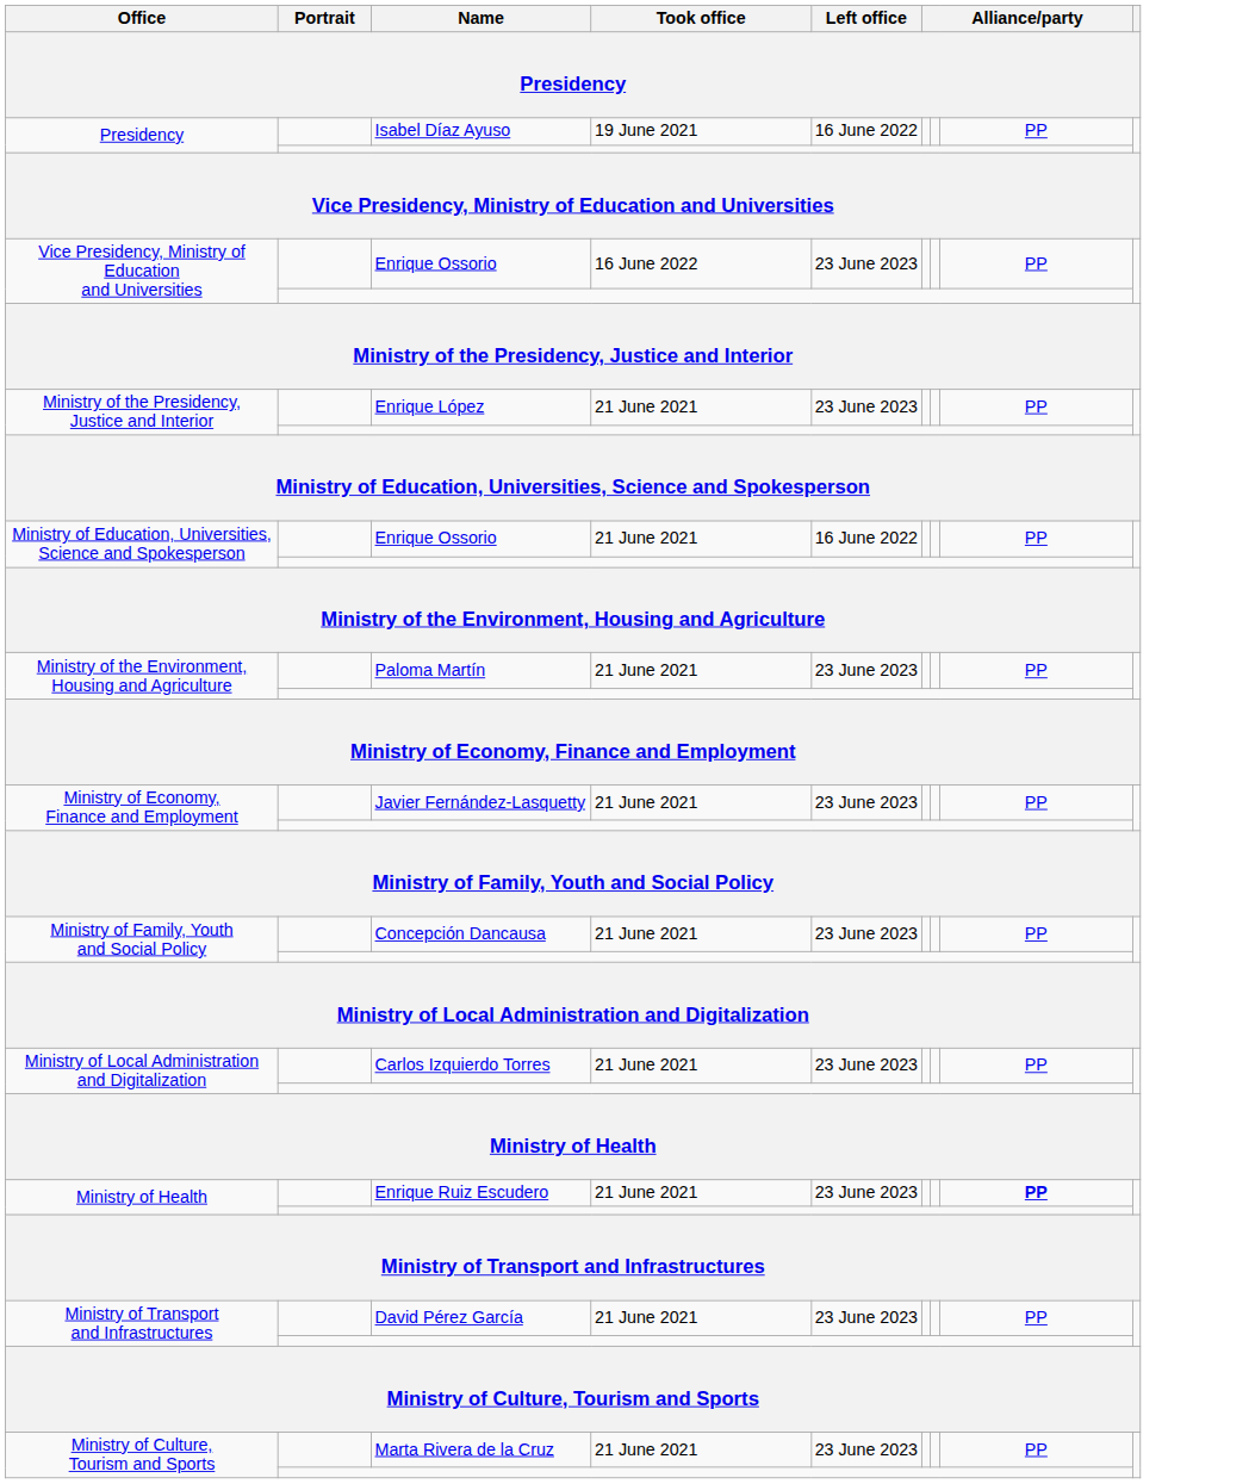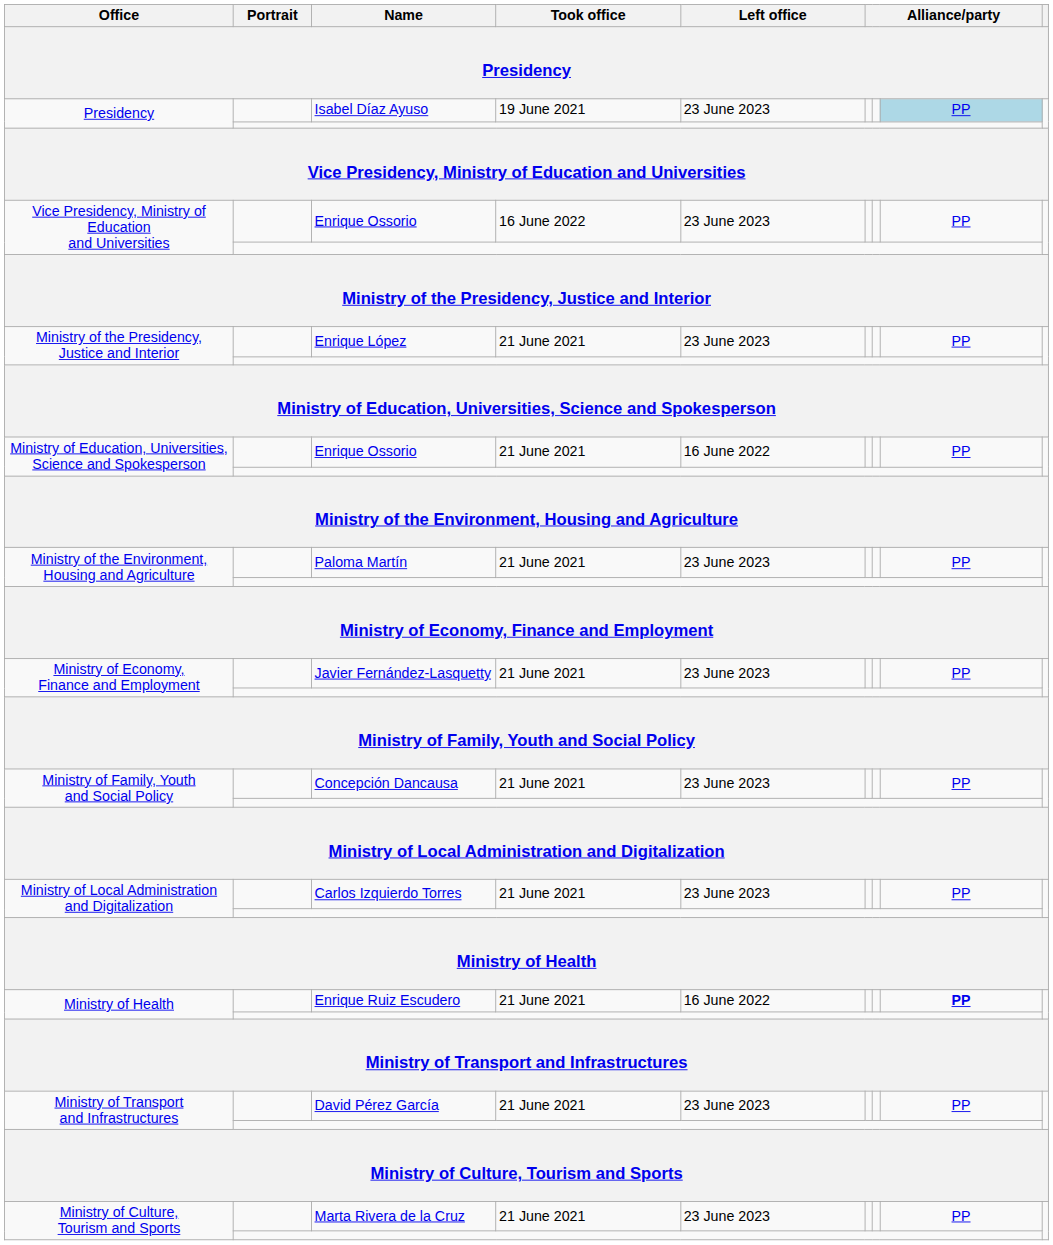 <table class="wikitable" style="line-height:18px;">
 <tr>
 <th scope="col">Office<br></th>
 <th scope="col">Portrait</th>
 <th scope="col">Name</th>
 <th scope="col">Took office</th>
 <th scope="col">Left office</th>
 <th colspan="3" scope="col">Alliance/party</th>
 <th></th>
 </tr>
 <tr>
 <th colspan="9"><br><h3><a href='#'>Presidency</a></h3></th>
 </tr>
 <tr>
 <td align="center" rowspan="2" width="250"><a href='#'>Presidency</a><br></td>
 <td width="80"></td>
 <td width="200"><a href='#'>Isabel Díaz Ayuso</a></td>
 <td width="200">19 June 2021</td>
-<td>16 June 2022</td>
+<td width="200">23 June 2023</td>
 <td width="1" style="background-color:"></td>
 <td width="1" style="background-color:"></td>
-<td width="175" align="center"><a href='#'>PP</a></td>
+<td width="175" align="center" style="background: lightblue;"><a href='#'>PP</a></td>
 <td align="center" rowspan="2"></td>
 </tr>
 <tr>
 <td colspan="7"></td>
 </tr>
 <tr>
 <th colspan="9"><br><h3><a href='#'>Vice Presidency, Ministry of Education and Universities</a></h3></th>
 </tr>
 <tr>
 <td align="center" rowspan="2"><a href='#'>Vice Presidency, Ministry of Education<br>and Universities</a><br></td>
 <td></td>
 <td><a href='#'>Enrique Ossorio</a></td>
 <td>16 June 2022</td>
 <td>23 June 2023</td>
 <td style="background-color:"></td>
 <td style="background-color:"></td>
 <td align="center"><a href='#'>PP</a></td>
 <td align="center" rowspan="2"></td>
 </tr>
 <tr>
 <td colspan="7"></td>
 </tr>
 <tr>
 <th colspan="9"><br><h3><a href='#'>Ministry of the Presidency, Justice and Interior</a></h3></th>
 </tr>
 <tr>
 <td align="center" rowspan="2"><a href='#'>Ministry of the Presidency,<br>Justice and Interior</a><br></td>
 <td></td>
 <td><a href='#'>Enrique López</a></td>
 <td>21 June 2021</td>
 <td>23 June 2023</td>
 <td style="background-color:"></td>
 <td style="background-color:"></td>
 <td align="center"><a href='#'>PP</a><br></td>
 <td align="center" rowspan="2"><br></td>
 </tr>
 <tr>
 <td colspan="7"></td>
 </tr>
 <tr>
 <th colspan="9"><br><h3><a href='#'>Ministry of Education, Universities, Science and Spokesperson</a></h3></th>
 </tr>
 <tr>
 <td align="center" rowspan="2"><a href='#'>Ministry of Education, Universities,<br>Science and Spokesperson</a><br></td>
 <td></td>
 <td><a href='#'>Enrique Ossorio</a></td>
 <td>21 June 2021</td>
 <td>16 June 2022</td>
 <td style="background-color:"></td>
 <td style="background-color:"></td>
 <td align="center"><a href='#'>PP</a></td>
 <td align="center" rowspan="2"></td>
 </tr>
 <tr>
 <td colspan="7"></td>
 </tr>
 <tr>
 <th colspan="9"><br><h3><a href='#'>Ministry of the Environment, Housing and Agriculture</a></h3></th>
 </tr>
 <tr>
 <td align="center" rowspan="2"><a href='#'>Ministry of the Environment,<br>Housing and Agriculture</a><br></td>
 <td></td>
 <td><a href='#'>Paloma Martín</a></td>
 <td>21 June 2021</td>
 <td>23 June 2023</td>
 <td style="background-color:"></td>
 <td style="background-color:"></td>
 <td align="center"><a href='#'>PP</a></td>
 <td align="center" rowspan="2"></td>
 </tr>
 <tr>
 <td colspan="7"></td>
 </tr>
 <tr>
 <th colspan="9"><br><h3><a href='#'>Ministry of Economy, Finance and Employment</a></h3></th>
 </tr>
 <tr>
 <td align="center" rowspan="2"><a href='#'>Ministry of Economy,<br>Finance and Employment</a><br></td>
 <td></td>
 <td><a href='#'>Javier Fernández-Lasquetty</a></td>
 <td>21 June 2021</td>
 <td>23 June 2023</td>
 <td style="background-color:"></td>
 <td style="background-color:"></td>
 <td align="center"><a href='#'>PP</a></td>
 <td align="center" rowspan="2"></td>
 </tr>
 <tr>
 <td colspan="7"></td>
 </tr>
 <tr>
 <th colspan="9"><br><h3><a href='#'>Ministry of Family, Youth and Social Policy</a></h3></th>
 </tr>
 <tr>
 <td align="center" rowspan="2"><a href='#'>Ministry of Family, Youth<br>and Social Policy</a><br></td>
 <td></td>
 <td><a href='#'>Concepción Dancausa</a></td>
 <td>21 June 2021</td>
 <td>23 June 2023</td>
 <td style="background-color:"></td>
 <td style="background-color:"></td>
 <td align="center"><a href='#'>PP</a></td>
 <td align="center" rowspan="2"></td>
 </tr>
 <tr>
 <td colspan="7"></td>
 </tr>
 <tr>
 <th colspan="9"><br><h3><a href='#'>Ministry of Local Administration and Digitalization</a></h3></th>
 </tr>
 <tr>
 <td align="center" rowspan="2"><a href='#'>Ministry of Local Administration<br>and Digitalization</a><br></td>
 <td></td>
 <td><a href='#'>Carlos Izquierdo Torres</a></td>
 <td>21 June 2021</td>
 <td>23 June 2023</td>
 <td style="background-color:"></td>
 <td style="background-color:"></td>
 <td align="center"><a href='#'>PP</a></td>
 <td align="center" rowspan="2"><br></td>
 </tr>
 <tr>
 <td colspan="7"></td>
 </tr>
 <tr>
 <th colspan="9"><br><h3><a href='#'>Ministry of Health</a></h3></th>
 </tr>
 <tr>
 <td align="center" rowspan="2"><a href='#'>Ministry of Health</a><br></td>
 <td></td>
 <td><a href='#'>Enrique Ruiz Escudero</a></td>
 <td>21 June 2021</td>
-<td>23 June 2023</td>
+<td>16 June 2022</td>
 <td style="background-color:"></td>
 <td style="background-color:"></td>
 <td align="center"><strong><a href='#'>PP</a></strong></td>
 <td align="center" rowspan="2"></td>
 </tr>
 <tr>
 <td colspan="7"></td>
 </tr>
 <tr>
 <th colspan="9"><br><h3><a href='#'>Ministry of Transport and Infrastructures</a></h3></th>
 </tr>
 <tr>
 <td align="center" rowspan="2"><a href='#'>Ministry of Transport<br>and Infrastructures</a><br></td>
 <td></td>
 <td><a href='#'>David Pérez García</a></td>
 <td>21 June 2021</td>
 <td>23 June 2023</td>
 <td style="background-color:"></td>
 <td style="background-color:"></td>
 <td align="center"><a href='#'>PP</a></td>
 <td align="center" rowspan="2"><br></td>
 </tr>
 <tr>
 <td colspan="7"></td>
 </tr>
 <tr>
 <th colspan="9"><br><h3><a href='#'>Ministry of Culture, Tourism and Sports</a></h3></th>
 </tr>
 <tr>
 <td align="center" rowspan="2"><a href='#'>Ministry of Culture,<br>Tourism and Sports</a><br></td>
 <td></td>
 <td><a href='#'>Marta Rivera de la Cruz</a></td>
 <td>21 June 2021</td>
 <td>23 June 2023</td>
 <td style="background-color:"></td>
 <td style="background-color:"></td>
 <td align="center"><a href='#'>PP</a><br></td>
 <td align="center" rowspan="2"></td>
 </tr>
 <tr>
 <td colspan="7"></td>
 </tr>
 </table>
